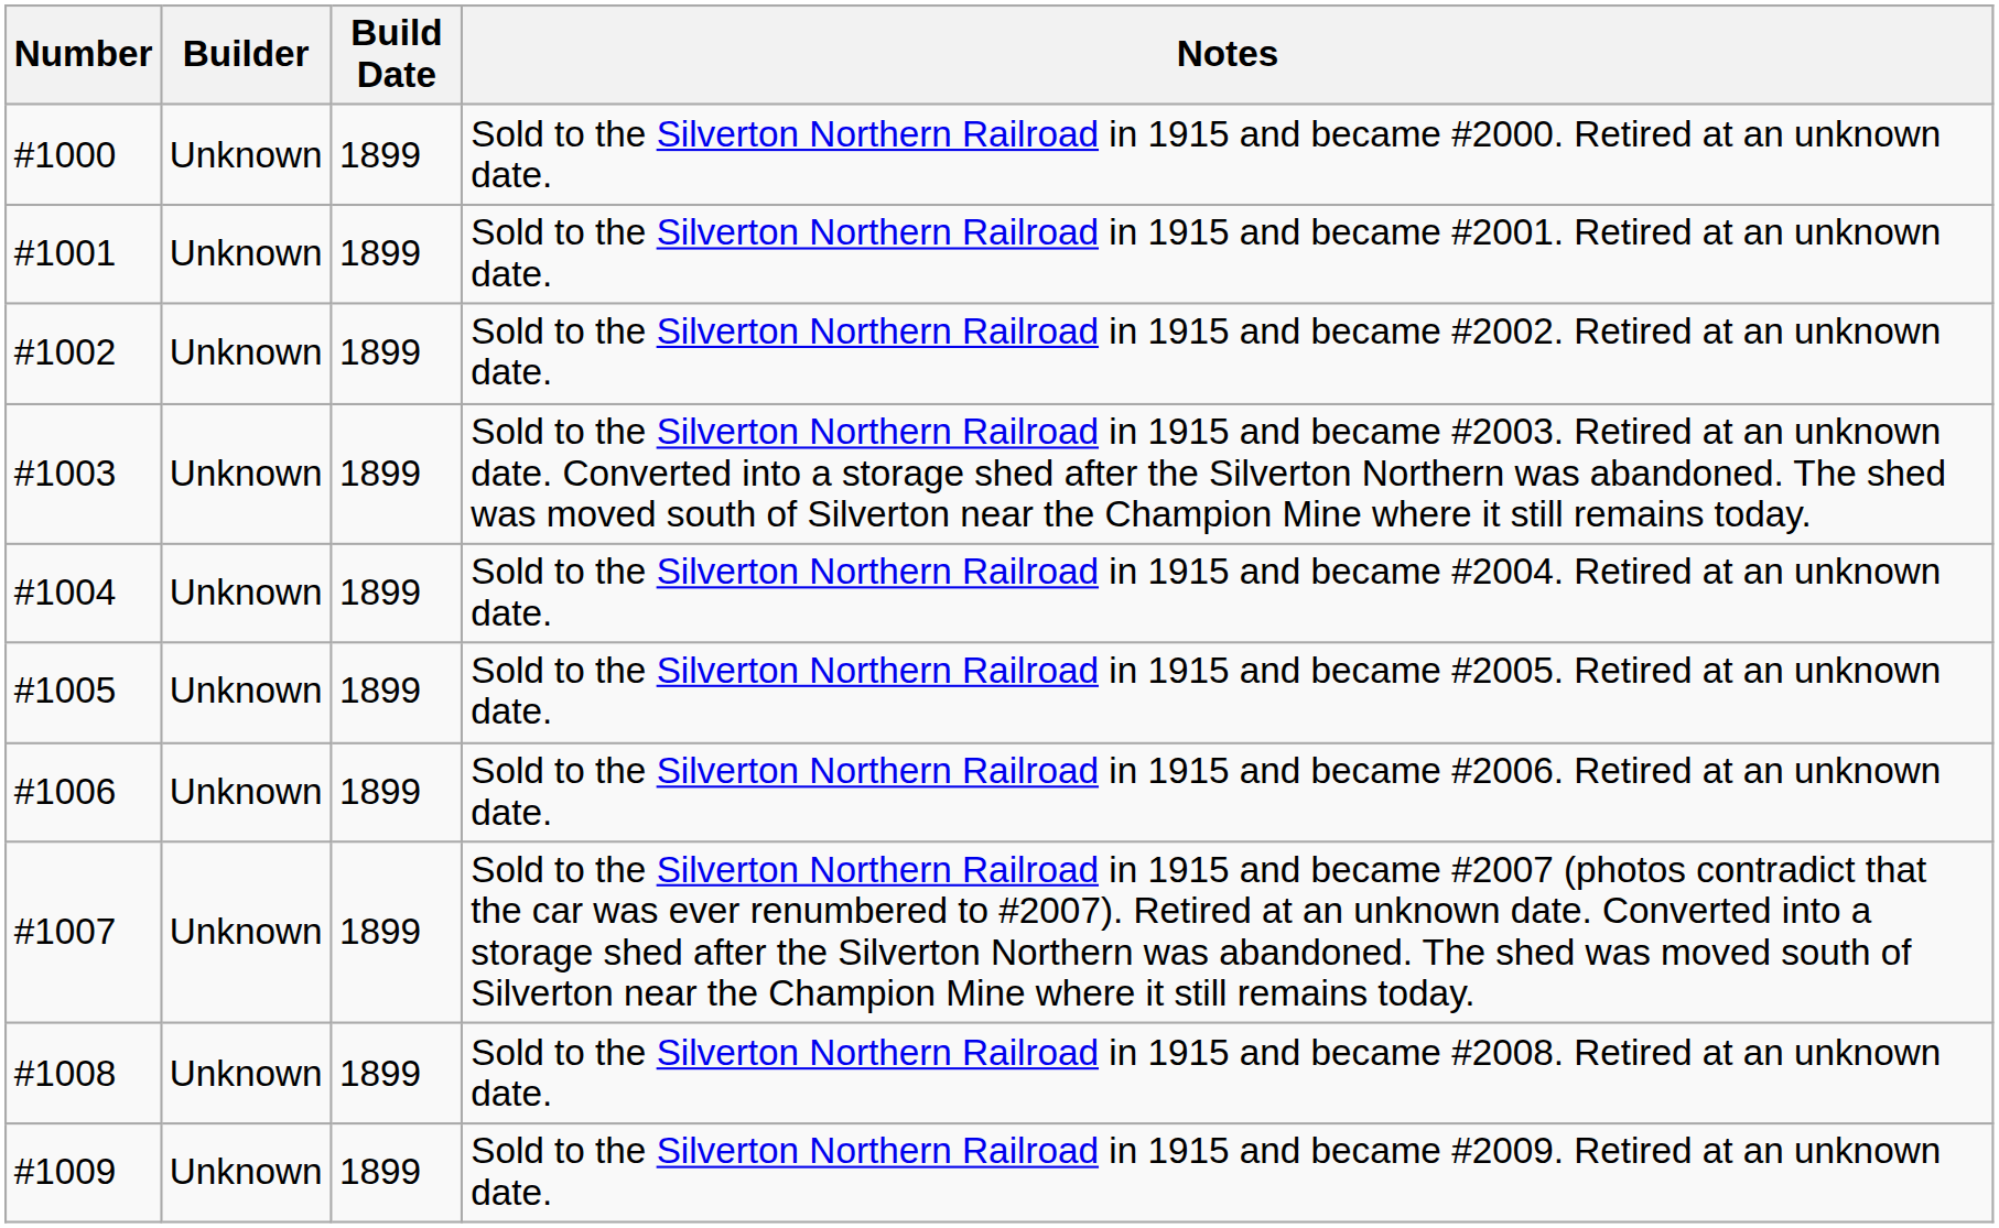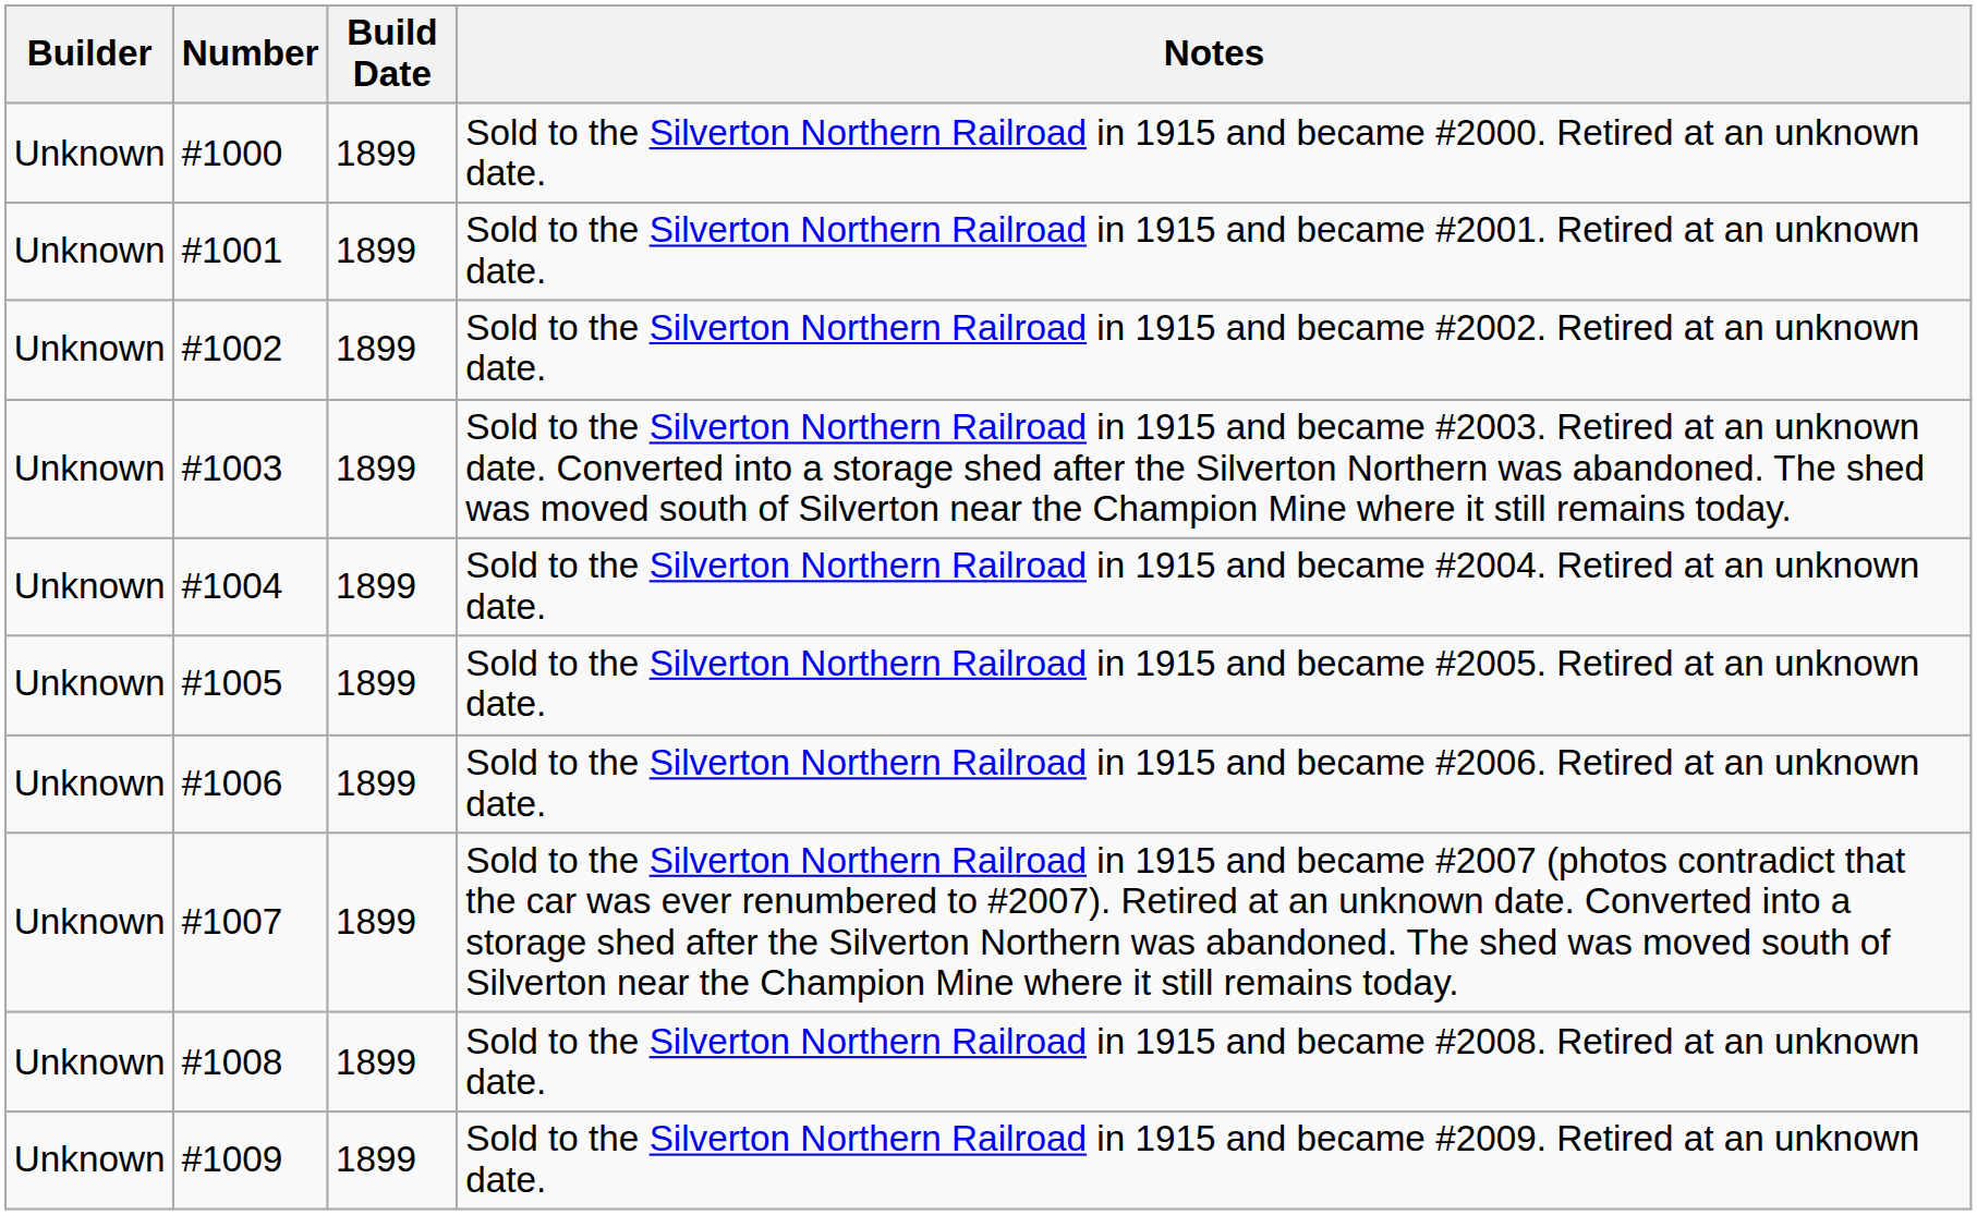 <table class="wikitable">
 <tr>
+<th>Builder</th>
 <th>Number</th>
-<th>Builder</th>
 <th>Build Date</th>
 <th>Notes</th>
 </tr>
 <tr>
+<td>Unknown</td>
 <td>#1000</td>
-<td>Unknown</td>
 <td>1899</td>
 <td>Sold to the <a href='#'>Silverton Northern Railroad</a> in 1915 and became #2000. Retired at an unknown date.</td>
 </tr>
 <tr>
+<td>Unknown</td>
 <td>#1001</td>
-<td>Unknown</td>
 <td>1899</td>
 <td>Sold to the <a href='#'>Silverton Northern Railroad</a> in 1915 and became #2001. Retired at an unknown date.</td>
 </tr>
 <tr>
+<td>Unknown</td>
 <td>#1002</td>
-<td>Unknown</td>
 <td>1899</td>
 <td>Sold to the <a href='#'>Silverton Northern Railroad</a> in 1915 and became #2002. Retired at an unknown date.</td>
 </tr>
 <tr>
+<td>Unknown</td>
 <td>#1003</td>
-<td>Unknown</td>
 <td>1899</td>
 <td>Sold to the <a href='#'>Silverton Northern Railroad</a> in 1915 and became #2003. Retired at an unknown date. Converted into a storage shed after the Silverton Northern was abandoned. The shed was moved south of Silverton near the Champion Mine where it still remains today.</td>
 </tr>
 <tr>
+<td>Unknown</td>
 <td>#1004</td>
-<td>Unknown</td>
 <td>1899</td>
 <td>Sold to the <a href='#'>Silverton Northern Railroad</a> in 1915 and became #2004. Retired at an unknown date.</td>
 </tr>
 <tr>
+<td>Unknown</td>
 <td>#1005</td>
-<td>Unknown</td>
 <td>1899</td>
 <td>Sold to the <a href='#'>Silverton Northern Railroad</a> in 1915 and became #2005. Retired at an unknown date.</td>
 </tr>
 <tr>
+<td>Unknown</td>
 <td>#1006</td>
-<td>Unknown</td>
 <td>1899</td>
 <td>Sold to the <a href='#'>Silverton Northern Railroad</a> in 1915 and became #2006. Retired at an unknown date.</td>
 </tr>
 <tr>
+<td>Unknown</td>
 <td>#1007</td>
-<td>Unknown</td>
 <td>1899</td>
 <td>Sold to the <a href='#'>Silverton Northern Railroad</a> in 1915 and became #2007 (photos contradict that the car was ever renumbered to #2007). Retired at an unknown date. Converted into a storage shed after the Silverton Northern was abandoned. The shed was moved south of Silverton near the Champion Mine where it still remains today.</td>
 </tr>
 <tr>
+<td>Unknown</td>
 <td>#1008</td>
-<td>Unknown</td>
 <td>1899</td>
 <td>Sold to the <a href='#'>Silverton Northern Railroad</a> in 1915 and became #2008. Retired at an unknown date.</td>
 </tr>
 <tr>
+<td>Unknown</td>
 <td>#1009</td>
-<td>Unknown</td>
 <td>1899</td>
 <td>Sold to the <a href='#'>Silverton Northern Railroad</a> in 1915 and became #2009. Retired at an unknown date.</td>
 </tr>
 </table>
